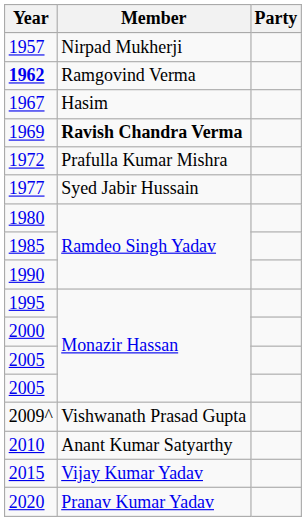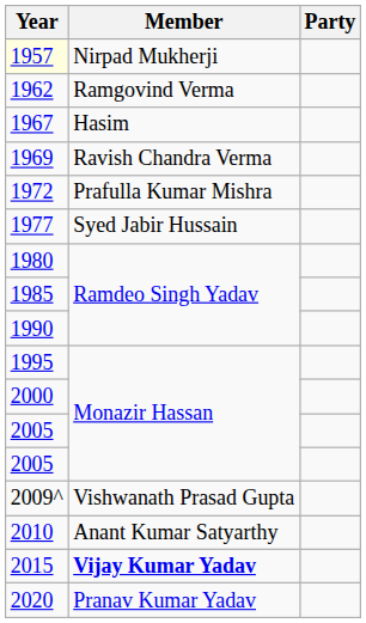 <table class="wikitable sortable">
 <tr>
 <th>Year</th>
 <th>Member</th>
 <th colspan="2">Party</th>
 </tr>
 <tr>
-<td><a href='#'>1957</a></td>
+<td style="background: lightyellow;"><a href='#'>1957</a></td>
 <td>Nirpad Mukherji</td>
 <td></td>
 </tr>
 <tr>
-<td><strong><a href='#'>1962</a></strong></td>
+<td><a href='#'>1962</a></td>
 <td>Ramgovind Verma</td>
 </tr>
 <tr>
 <td><a href='#'>1967</a></td>
 <td>Hasim</td>
 <td></td>
 </tr>
 <tr>
 <td><a href='#'>1969</a></td>
-<td><strong>Ravish Chandra Verma</strong></td>
+<td>Ravish Chandra Verma</td>
 <td></td>
 </tr>
 <tr>
 <td><a href='#'>1972</a></td>
 <td>Prafulla Kumar Mishra</td>
 <td></td>
 </tr>
 <tr>
 <td><a href='#'>1977</a></td>
 <td>Syed Jabir Hussain</td>
 <td></td>
 </tr>
 <tr>
 <td><a href='#'>1980</a></td>
 <td rowspan="3"><a href='#'>Ramdeo Singh Yadav</a></td>
 <td></td>
 </tr>
 <tr>
 <td><a href='#'>1985</a></td>
 <td></td>
 </tr>
 <tr>
 <td><a href='#'>1990</a></td>
 <td></td>
 </tr>
 <tr>
 <td><a href='#'>1995</a></td>
 <td rowspan="4"><a href='#'>Monazir Hassan</a></td>
 </tr>
 <tr>
 <td><a href='#'>2000</a></td>
 <td></td>
 </tr>
 <tr>
 <td><a href='#'>2005</a></td>
 <td></td>
 </tr>
 <tr>
 <td><a href='#'>2005</a></td>
 </tr>
 <tr>
 <td>2009^</td>
 <td>Vishwanath Prasad Gupta</td>
 <td></td>
 </tr>
 <tr>
 <td><a href='#'>2010</a></td>
 <td>Anant Kumar Satyarthy</td>
 <td></td>
 </tr>
 <tr>
 <td><a href='#'>2015</a></td>
-<td><a href='#'>Vijay Kumar Yadav</a></td>
+<td><strong><a href='#'>Vijay Kumar Yadav</a></strong></td>
 <td></td>
 </tr>
 <tr>
 <td><a href='#'>2020</a></td>
 <td><a href='#'>Pranav Kumar Yadav</a></td>
 <td></td>
 </tr>
 </table>
